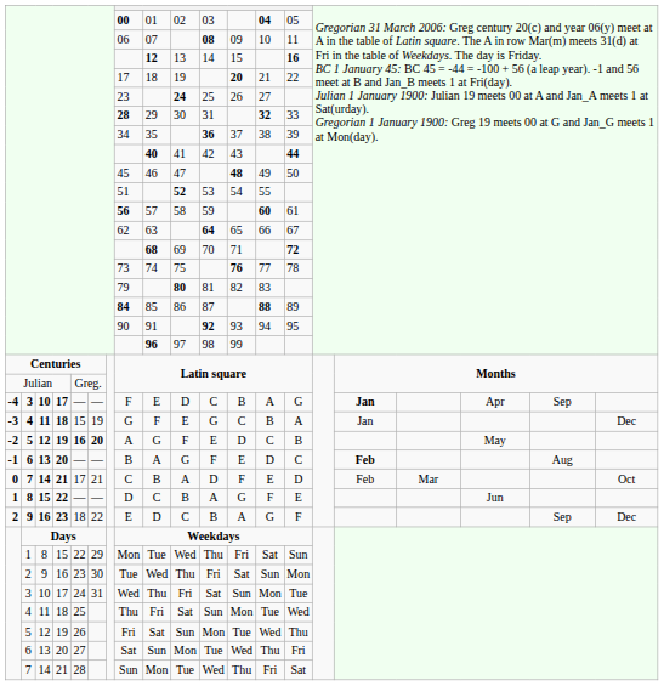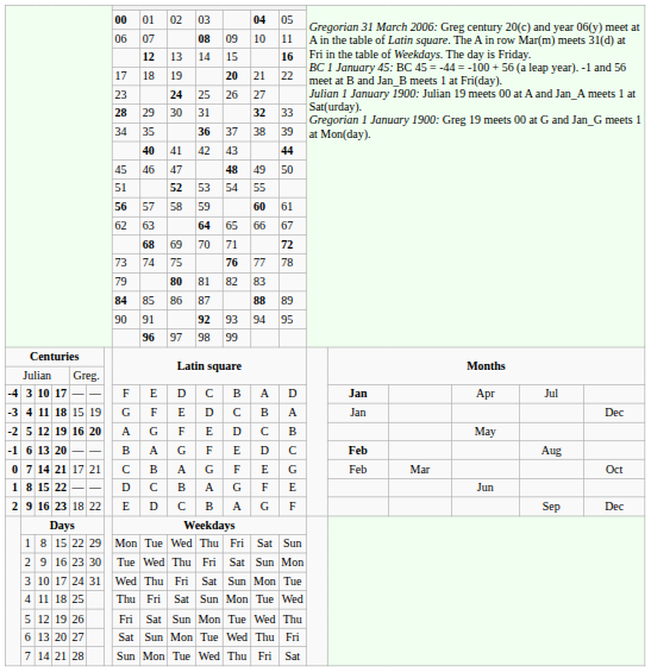 <table class="wikitable">
 <tr>
 <td colspan=7 rowspan=19 style="vertical-align:top; background-color:Honeydew"><br></td>
 <th colspan="7"></th>
 <td colspan=6 rowspan=19 style="vertical-align:top; background-color:Honeydew"><br><em>Gregorian 31 March 2006:</em> Greg century 20(c) and year 06(y) meet at A in the table of <em>Latin square</em>. The A in row Mar(m) meets 31(d) at Fri in the table of <em>Weekdays</em>. The day is Friday.<br> <em>BC 1 January 45:</em> BC 45 = -44 = -100 + 56 (a leap year). -1 and 56 meet at B and <span>Jan</span>_B meets 1 at Fri(day).<br> <em>Julian 1 January 1900:</em> Julian 19 meets 00 at A and <span>Jan</span>_A meets 1 at Sat(urday).<br> <em>Gregorian 1 January 1900:</em> Greg 19 meets 00 at G and Jan_G meets 1 at Mon(day).</td>
 </tr>
 <tr>
 <td><strong>00</strong></td>
 <td>01</td>
 <td>02</td>
 <td>03</td>
 <td> </td>
 <td><span><strong>04</strong></span></td>
 <td>05</td>
 </tr>
 <tr>
 <td>06</td>
 <td>07</td>
 <td> </td>
 <td><span><strong>08</strong></span></td>
 <td>09</td>
 <td>10</td>
 <td>11</td>
 </tr>
 <tr>
 <td> </td>
 <td><span><strong>12</strong></span></td>
 <td>13</td>
 <td>14</td>
 <td>15</td>
 <td> </td>
 <td><span><strong>16</strong></span></td>
 </tr>
 <tr>
 <td>17</td>
 <td>18</td>
 <td>19</td>
 <td> </td>
 <td><span><strong>20</strong></span></td>
 <td>21</td>
 <td>22</td>
 </tr>
 <tr>
 <td>23</td>
 <td> </td>
 <td><span><strong>24</strong></span></td>
 <td>25</td>
 <td>26</td>
 <td>27</td>
 <td> </td>
 </tr>
 <tr>
 <td><span><strong>28</strong></span></td>
 <td>29</td>
 <td>30</td>
 <td>31</td>
 <td> </td>
 <td><span><strong>32</strong></span></td>
 <td>33</td>
 </tr>
 <tr>
 <td>34</td>
 <td>35</td>
 <td> </td>
 <td><span><strong>36</strong></span></td>
 <td>37</td>
 <td>38</td>
 <td>39</td>
 </tr>
 <tr>
 <td> </td>
 <td><span><strong>40</strong></span></td>
 <td>41</td>
 <td>42</td>
 <td>43</td>
 <td> </td>
 <td><span><strong>44</strong></span></td>
 </tr>
 <tr>
 <td>45</td>
 <td>46</td>
 <td>47</td>
 <td> </td>
 <td><span><strong>48</strong></span></td>
 <td>49</td>
 <td>50</td>
 </tr>
 <tr>
 <td>51</td>
 <td> </td>
 <td><span><strong>52</strong></span></td>
 <td>53</td>
 <td>54</td>
 <td>55</td>
 <td> </td>
 </tr>
 <tr>
 <td><span><strong>56</strong></span></td>
 <td>57</td>
 <td>58</td>
 <td>59</td>
 <td> </td>
 <td><span><strong>60</strong></span></td>
 <td>61</td>
 </tr>
 <tr>
 <td>62</td>
 <td>63</td>
 <td> </td>
 <td><span><strong>64</strong></span></td>
 <td>65</td>
 <td>66</td>
 <td>67</td>
 </tr>
 <tr =>
 <td> </td>
 <td><span><strong>68</strong></span></td>
 <td>69</td>
 <td>70</td>
 <td>71</td>
 <td> </td>
 <td><span><strong>72</strong></span></td>
 </tr>
 <tr>
 <td>73</td>
 <td>74</td>
 <td>75</td>
 <td> </td>
 <td><span><strong>76</strong></span></td>
 <td>77</td>
 <td>78</td>
 </tr>
 <tr>
 <td>79</td>
 <td> </td>
 <td><span><strong>80</strong></span></td>
 <td>81</td>
 <td>82</td>
 <td>83</td>
 <td> </td>
 </tr>
 <tr>
 <td><span><strong>84</strong></span></td>
 <td>85</td>
 <td>86</td>
 <td>87</td>
 <td> </td>
 <td><span><strong>88</strong></span></td>
 <td>89</td>
 </tr>
 <tr>
 <td>90</td>
 <td>91</td>
 <td> </td>
 <td><span><strong>92</strong></span></td>
 <td>93</td>
 <td>94</td>
 <td>95</td>
 </tr>
 <tr>
 <td> </td>
 <td><span><strong>96</strong></span></td>
 <td>97</td>
 <td>98</td>
 <td>99</td>
 <td> </td>
 <td> </td>
 </tr>
 <tr style="text-align:center">
 <td colspan="6"><strong>Centuries</strong></td>
 <td rowspan="9"> </td>
 <td colspan=7 rowspan=2><strong>Latin square</strong></td>
 <td rowspan="9"> </td>
 <td colspan=6 rowspan=2><strong>Months</strong></td>
 </tr>
 <tr style="text-align:center">
 <td colspan="4">Julian</td>
 <td colspan=2>Greg.</td>
 </tr>
 <tr style="text-align:center">
 <td style="text-align:right"><span><strong>-4</strong></span></td>
 <td style="text-align:right"><span><strong> 3</strong></span></td>
 <td style="text-align:right"><span><strong>10</strong></span></td>
 <td style="text-align:right"><span><strong>17</strong></span></td>
 <td style="text-align:right">—</td>
 <td style="text-align:right">—</td>
 <td>F</td>
 <td>E</td>
 <td>D</td>
 <td>C</td>
 <td>B</td>
 <td>A</td>
-<td>G</td>
+<td>D</td>
 <td><span><strong>Jan</strong></span></td>
 <td> </td>
 <td>Apr</td>
-<td>Sep</td>
+<td>Jul</td>
 <td> </td>
 </tr>
 <tr style="text-align:center">
 <td style="text-align:right"><span><strong>-3</strong></span></td>
 <td style="text-align:right"><span><strong>4</strong></span></td>
 <td style="text-align:right"><span><strong>11</strong></span></td>
 <td style="text-align:right"><span><strong>18</strong></span></td>
 <td style="text-align:right">15</td>
 <td style="text-align:right">19</td>
 <td>G</td>
 <td>F</td>
 <td>E</td>
-<td>G</td>
+<td>D</td>
 <td>C</td>
 <td>B</td>
 <td>A</td>
 <td>Jan</td>
 <td> </td>
 <td> </td>
 <td> </td>
 <td>Dec</td>
 </tr>
 <tr style="text-align:center">
 <td style="text-align:right"><span><strong>-2</strong></span></td>
 <td style="text-align:right"><span><strong>5</strong></span></td>
 <td style="text-align:right"><span><strong>12</strong></span></td>
 <td style="text-align:right"><span><strong>19</strong></span></td>
 <td style="text-align:right"><span><strong>16</strong></span></td>
 <td style="text-align:right"><span><strong>20</strong></span></td>
 <td>A</td>
 <td>G</td>
 <td>F</td>
 <td>E</td>
 <td>D</td>
 <td>C</td>
 <td>B</td>
 <td> </td>
 <td> </td>
 <td>May</td>
 <td> </td>
 <td> </td>
 </tr>
 <tr style="text-align:center">
 <td style="text-align:right"><span><strong>-1</strong></span></td>
 <td style="text-align:right"><span><strong>6</strong></span></td>
 <td style="text-align:right"><span><strong>13</strong></span></td>
 <td style="text-align:right"><span><strong>20</strong></span></td>
 <td style="text-align:right">—</td>
 <td style="text-align:right">—</td>
 <td>B</td>
 <td>A</td>
 <td>G</td>
 <td>F</td>
 <td>E</td>
 <td>D</td>
 <td>C</td>
 <td><span><strong>Feb</strong></span></td>
 <td> </td>
 <td> </td>
 <td>Aug</td>
 <td> </td>
 </tr>
 <tr style="text-align:center">
 <td style="text-align:right"><span><strong>0</strong></span></td>
 <td style="text-align:right"><span><strong>7</strong></span></td>
 <td style="text-align:right"><span><strong>14</strong></span></td>
 <td style="text-align:right"><span><strong>21</strong></span></td>
 <td style="text-align:right">17</td>
 <td style="text-align:right">21</td>
 <td>C</td>
 <td>B</td>
 <td>A</td>
-<td>D</td>
+<td>G</td>
 <td>F</td>
 <td>E</td>
-<td>D</td>
+<td>G</td>
 <td>Feb</td>
 <td>Mar</td>
 <td> </td>
 <td> </td>
 <td>Oct</td>
 </tr>
 <tr style="text-align:center">
 <td style="text-align:right"><span><strong>1</strong></span></td>
 <td style="text-align:right"><span><strong>8</strong></span></td>
 <td style="text-align:right"><span><strong>15</strong></span></td>
 <td style="text-align:right"><span><strong>22</strong></span></td>
 <td style="text-align:right">—</td>
 <td style="text-align:right">—</td>
 <td>D</td>
 <td>C</td>
 <td>B</td>
 <td>A</td>
 <td>G</td>
 <td>F</td>
 <td>E</td>
 <td> </td>
 <td> </td>
 <td>Jun</td>
 <td> </td>
 <td> </td>
 </tr>
 <tr style="text-align:center">
 <td style="text-align:right"><span><strong>2</strong></span></td>
 <td style="text-align:right"><span><strong>9</strong></span></td>
 <td style="text-align:right"><span><strong>16</strong></span></td>
 <td style="text-align:right"><span><strong>23</strong></span></td>
 <td style="text-align:right">18</td>
 <td style="text-align:right">22</td>
 <td>E</td>
 <td>D</td>
 <td>C</td>
 <td>B</td>
 <td>A</td>
 <td>G</td>
 <td>F</td>
 <td> </td>
 <td> </td>
 <td> </td>
 <td>Sep</td>
 <td>Dec</td>
 </tr>
 <tr style="text-align:center">
 <td rowspan="8"> </td>
 <td colspan="5"><strong>Days</strong></td>
 <td rowspan="8"> </td>
 <td colspan="7"><strong>Weekdays</strong></td>
 <td colspan=1 rowspan=8> </td>
 <td colspan=5 rowspan=8 style="text-align:left; background-color:Honeydew"></td>
 </tr>
 <tr style="text-align:center">
 <td>1</td>
 <td>8</td>
 <td>15</td>
 <td>22</td>
 <td>29</td>
 <td>Mon</td>
 <td>Tue</td>
 <td>Wed</td>
 <td>Thu</td>
 <td>Fri</td>
 <td>Sat</td>
 <td>Sun</td>
 </tr>
 <tr style="text-align:center">
 <td>2</td>
 <td>9</td>
 <td>16</td>
 <td>23</td>
 <td>30</td>
 <td>Tue</td>
 <td>Wed</td>
 <td>Thu</td>
 <td>Fri</td>
 <td>Sat</td>
 <td>Sun</td>
 <td>Mon</td>
 </tr>
 <tr style="text-align:center">
 <td>3</td>
 <td>10</td>
 <td>17</td>
 <td>24</td>
 <td>31</td>
 <td>Wed</td>
 <td>Thu</td>
 <td>Fri</td>
 <td>Sat</td>
 <td>Sun</td>
 <td>Mon</td>
 <td>Tue</td>
 </tr>
 <tr style="text-align:center">
 <td>4</td>
 <td>11</td>
 <td>18</td>
 <td>25</td>
 <td> </td>
 <td>Thu</td>
 <td>Fri</td>
 <td>Sat</td>
 <td>Sun</td>
 <td>Mon</td>
 <td>Tue</td>
 <td>Wed</td>
 </tr>
 <tr style="text-align:center">
 <td>5</td>
 <td>12</td>
 <td>19</td>
 <td>26</td>
 <td> </td>
 <td>Fri</td>
 <td>Sat</td>
 <td>Sun</td>
 <td>Mon</td>
 <td>Tue</td>
 <td>Wed</td>
 <td>Thu</td>
 </tr>
 <tr style="text-align:center">
 <td>6</td>
 <td>13</td>
 <td>20</td>
 <td>27</td>
 <td> </td>
 <td>Sat</td>
 <td>Sun</td>
 <td>Mon</td>
 <td>Tue</td>
 <td>Wed</td>
 <td>Thu</td>
 <td>Fri</td>
 </tr>
 <tr style="text-align:center">
 <td>7</td>
 <td>14</td>
 <td>21</td>
 <td>28</td>
 <td> </td>
 <td>Sun</td>
 <td>Mon</td>
 <td>Tue</td>
 <td>Wed</td>
 <td>Thu</td>
 <td>Fri</td>
 <td>Sat</td>
 </tr>
 </table>
